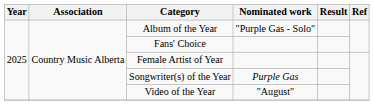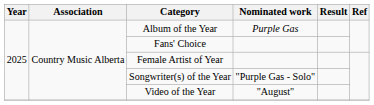 <table class="wikitable" style="text-align:center;">
 <tr>
 <th>Year</th>
 <th>Association</th>
 <th>Category</th>
 <th>Nominated work</th>
 <th>Result</th>
 <th>Ref</th>
 </tr>
 <tr>
 <td rowspan="5">2025</td>
 <td rowspan="5">Country Music Alberta</td>
 <td>Album of the Year</td>
-<td>"Purple Gas - Solo"</td>
+<td><em>Purple Gas</em></td>
 <td></td>
 <td rowspan="2"></td>
 </tr>
 <tr>
 <td>Fans' Choice</td>
 <td></td>
 <td></td>
 </tr>
 <tr>
 <td>Female Artist of Year</td>
 <td></td>
 <td></td>
 <td rowspan="3"></td>
 </tr>
 <tr>
 <td>Songwriter(s) of the Year</td>
-<td><em>Purple Gas</em></td>
+<td>"Purple Gas - Solo"</td>
 <td></td>
 </tr>
 <tr>
 <td>Video of the Year</td>
 <td>"August"</td>
 <td></td>
 </tr>
 <tr>
 </tr>
 </table>
